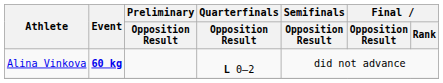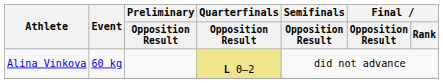 <table class="wikitable" style="text-align:center; font-size:90%">
 <tr>
 <th rowspan=2>Athlete</th>
 <th rowspan=2>Event</th>
 <th>Preliminary</th>
 <th>Quarterfinals</th>
 <th>Semifinals</th>
 <th colspan=2>Final / </th>
 </tr>
 <tr style="font-size:95%">
 <th>Opposition<br>Result</th>
 <th>Opposition<br>Result</th>
 <th>Opposition<br>Result</th>
 <th>Opposition<br>Result</th>
 <th>Rank</th>
 </tr>
 <tr>
 <td align=left><a href='#'>Alina Vinkova</a></td>
-<td align=left><strong><a href='#'>60 kg</a></strong></td>
+<td align=left><a href='#'>60 kg</a></td>
 <td></td>
-<td><br><strong>L</strong> 0–2</td>
+<td style="background: khaki;"><br><strong>L</strong> 0–2</td>
 <td colspan=3>did not advance</td>
 </tr>
 <tr>
 </tr>
 </table>
